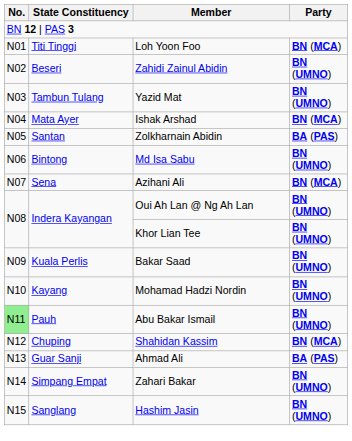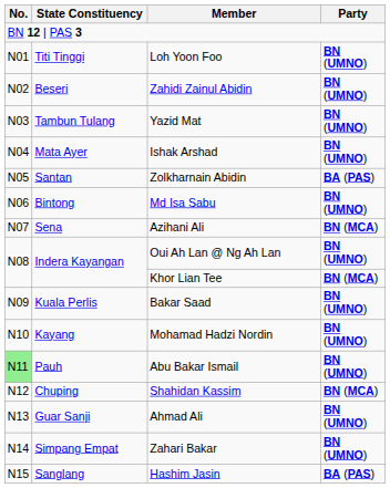 <table class="wikitable sortable">
 <tr>
 <th style="width:30px;">No.</th>
 <th style="width:150px;">State Constituency</th>
 <th style="width:230px;">Member</th>
 <th style="width:80px;">Party</th>
 </tr>
 <tr>
 <td colspan="4"><a href='#'>BN</a> <strong>12</strong> | <a href='#'>PAS</a> <strong>3</strong></td>
 </tr>
 <tr>
 <td>N01</td>
 <td><a href='#'>Titi Tinggi</a></td>
 <td>Loh Yoon Foo</td>
-<td><strong><a href='#'>BN</a></strong> (<strong><a href='#'>MCA</a></strong>)</td>
+<td><strong><a href='#'>BN</a></strong> (<strong><a href='#'>UMNO</a></strong>)</td>
 </tr>
 <tr>
 <td>N02</td>
 <td><a href='#'>Beseri</a></td>
 <td><a href='#'>Zahidi Zainul Abidin</a></td>
 <td><strong><a href='#'>BN</a></strong> (<strong><a href='#'>UMNO</a></strong>)</td>
 </tr>
 <tr>
 <td>N03</td>
 <td><a href='#'>Tambun Tulang</a></td>
 <td>Yazid Mat</td>
 <td><strong><a href='#'>BN</a></strong> (<strong><a href='#'>UMNO</a></strong>)</td>
 </tr>
 <tr>
 <td>N04</td>
 <td><a href='#'>Mata Ayer</a></td>
 <td>Ishak Arshad</td>
-<td><strong><a href='#'>BN</a></strong> (<strong><a href='#'>MCA</a></strong>)</td>
+<td><strong><a href='#'>BN</a></strong> (<strong><a href='#'>UMNO</a></strong>)</td>
 </tr>
 <tr>
 <td>N05</td>
 <td><a href='#'>Santan</a></td>
 <td>Zolkharnain Abidin</td>
 <td><strong><a href='#'>BA</a></strong> (<strong><a href='#'>PAS</a></strong>)</td>
 </tr>
 <tr>
 <td>N06</td>
 <td><a href='#'>Bintong</a></td>
 <td><a href='#'>Md Isa Sabu</a></td>
 <td><strong><a href='#'>BN</a></strong> (<strong><a href='#'>UMNO</a></strong>)</td>
 </tr>
 <tr>
 <td>N07</td>
 <td><a href='#'>Sena</a></td>
 <td>Azihani Ali</td>
 <td><strong><a href='#'>BN</a></strong> (<strong><a href='#'>MCA</a></strong>)</td>
 </tr>
 <tr>
 <td rowspan=2>N08</td>
 <td rowspan=2><a href='#'>Indera Kayangan</a></td>
 <td>Oui Ah Lan @ Ng Ah Lan </td>
 <td><strong><a href='#'>BN</a></strong> (<strong><a href='#'>UMNO</a></strong>)</td>
 </tr>
 <tr>
 <td>Khor Lian Tee </td>
-<td><strong><a href='#'>BN</a></strong> (<strong><a href='#'>UMNO</a></strong>)</td>
+<td><strong><a href='#'>BN</a></strong> (<strong><a href='#'>MCA</a></strong>)</td>
 </tr>
 <tr>
 <td>N09</td>
 <td><a href='#'>Kuala Perlis</a></td>
 <td>Bakar Saad</td>
 <td><strong><a href='#'>BN</a></strong> (<strong><a href='#'>UMNO</a></strong>)</td>
 </tr>
 <tr>
 <td>N10</td>
 <td><a href='#'>Kayang</a></td>
 <td>Mohamad Hadzi Nordin</td>
 <td><strong><a href='#'>BN</a></strong> (<strong><a href='#'>UMNO</a></strong>)</td>
 </tr>
 <tr>
 <td style="background: lightgreen;">N11</td>
 <td><a href='#'>Pauh</a></td>
 <td>Abu Bakar Ismail</td>
 <td><strong><a href='#'>BN</a></strong> (<strong><a href='#'>UMNO</a></strong>)</td>
 </tr>
 <tr>
 <td>N12</td>
 <td><a href='#'>Chuping</a></td>
 <td><a href='#'>Shahidan Kassim</a></td>
 <td><strong><a href='#'>BN</a></strong> (<strong><a href='#'>MCA</a></strong>)</td>
 </tr>
 <tr>
 <td>N13</td>
 <td><a href='#'>Guar Sanji</a></td>
 <td>Ahmad Ali</td>
-<td><strong><a href='#'>BA</a></strong> (<strong><a href='#'>PAS</a></strong>)</td>
+<td><strong><a href='#'>BN</a></strong> (<strong><a href='#'>UMNO</a></strong>)</td>
 </tr>
 <tr>
 <td>N14</td>
 <td><a href='#'>Simpang Empat</a></td>
 <td>Zahari Bakar</td>
 <td><strong><a href='#'>BN</a></strong> (<strong><a href='#'>UMNO</a></strong>)</td>
 </tr>
 <tr>
 <td>N15</td>
 <td><a href='#'>Sanglang</a></td>
 <td><a href='#'>Hashim Jasin</a></td>
-<td><strong><a href='#'>BN</a></strong> (<strong><a href='#'>UMNO</a></strong>)</td>
+<td><strong><a href='#'>BA</a></strong> (<strong><a href='#'>PAS</a></strong>)</td>
 </tr>
 </table>
